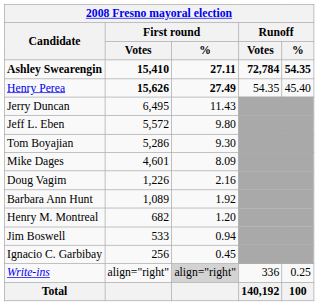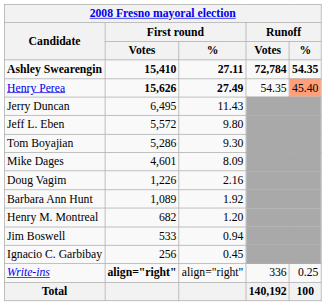 <table class=wikitable>
 <tr>
 <th colspan=5><a href='#'>2008 Fresno mayoral election</a></th>
 </tr>
 <tr>
 <th colspan=1 rowspan=2>Candidate</th>
 <th colspan=2>First round</th>
 <th colspan=2>Runoff</th>
 </tr>
 <tr>
 <th>Votes</th>
 <th>%</th>
 <th>Votes</th>
 <th>%</th>
 </tr>
 <tr>
 <td><strong>Ashley Swearengin</strong></td>
 <td align="right"><strong>15,410</strong></td>
 <td align="right"><strong>27.11</strong></td>
 <td align="right"><strong>72,784</strong></td>
 <td align="right"><strong>54.35</strong></td>
 </tr>
 <tr>
 <td><a href='#'>Henry Perea</a></td>
 <td align="right"><strong>15,626</strong></td>
 <td align="right"><strong>27.49</strong></td>
 <td align="right">54.35</td>
-<td align="right">45.40</td>
+<td align="right" style="background: lightsalmon;">45.40</td>
 </tr>
 <tr>
 <td>Jerry Duncan</td>
 <td align="right">6,495</td>
 <td align="right">11.43</td>
 <td colspan=2 bgcolor=darkgray></td>
 </tr>
 <tr>
 <td>Jeff L. Eben</td>
 <td align="right">5,572</td>
 <td align="right">9.80</td>
 <td colspan=2 bgcolor=darkgray></td>
 </tr>
 <tr>
 <td>Tom Boyajian</td>
 <td align="right">5,286</td>
 <td align="right">9.30</td>
 <td colspan=2 bgcolor=darkgray></td>
 </tr>
 <tr>
 <td>Mike Dages</td>
 <td align="right">4,601</td>
 <td align="right">8.09</td>
 <td colspan=2 bgcolor=darkgray></td>
 </tr>
 <tr>
 <td>Doug Vagim</td>
 <td align="right">1,226</td>
 <td align="right">2.16</td>
 <td colspan=2 bgcolor=darkgray></td>
 </tr>
 <tr>
 <td>Barbara Ann Hunt</td>
 <td align="right">1,089</td>
 <td align="right">1.92</td>
 <td colspan=2 bgcolor=darkgray></td>
 </tr>
 <tr>
 <td>Henry M. Montreal</td>
 <td align="right">682</td>
 <td align="right">1.20</td>
 <td colspan=2 bgcolor=darkgray></td>
 </tr>
 <tr>
 <td>Jim Boswell</td>
 <td align="right">533</td>
 <td align="right">0.94</td>
 <td colspan=2 bgcolor=darkgray></td>
 </tr>
 <tr>
 <td>Ignacio C. Garbibay</td>
 <td align="right">256</td>
 <td align="right">0.45</td>
 <td colspan=2 bgcolor=darkgray></td>
 </tr>
 <tr>
 <td><em><a href='#'>Write-ins</a></em></td>
+<td><strong>align="right" </strong></td>
 <td>align="right" </td>
-<td style="background: lightgrey;">align="right" </td>
 <td align="right">336</td>
 <td align="right">0.25</td>
 </tr>
 <tr>
 <th>Total</th>
 <th></th>
 <th></th>
 <th>140,192</th>
 <th>100</th>
 </tr>
 </table>
